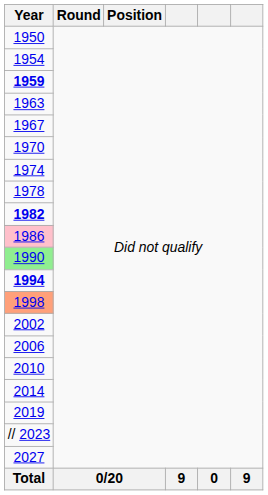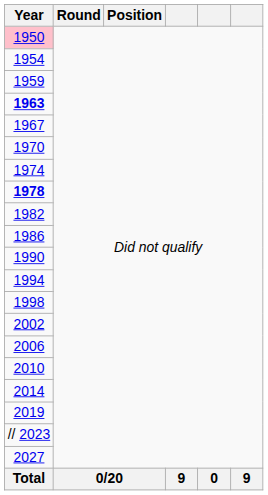 <table class="wikitable" style="text-align:center;">
 <tr>
 <th>Year</th>
 <th>Round</th>
 <th>Position</th>
 <th width=30></th>
 <th width=30></th>
 <th width=30></th>
 </tr>
 <tr>
-<td> <a href='#'>1950</a></td>
+<td style="background: pink;"> <a href='#'>1950</a></td>
 <td rowspan=20 colspan=5><em>Did not qualify</em></td>
 </tr>
 <tr>
 <td> <a href='#'>1954</a></td>
 </tr>
 <tr>
-<td><strong> <a href='#'>1959</a></strong></td>
+<td> <a href='#'>1959</a></td>
 </tr>
 <tr>
-<td> <a href='#'>1963</a></td>
+<td><strong> <a href='#'>1963</a></strong></td>
 </tr>
 <tr>
 <td> <a href='#'>1967</a></td>
 </tr>
 <tr>
 <td> <a href='#'>1970</a></td>
 </tr>
 <tr>
 <td> <a href='#'>1974</a></td>
 </tr>
 <tr>
-<td> <a href='#'>1978</a></td>
+<td><strong> <a href='#'>1978</a></strong></td>
 </tr>
 <tr>
-<td><strong> <a href='#'>1982</a></strong></td>
+<td> <a href='#'>1982</a></td>
 </tr>
 <tr>
-<td style="background: pink;"> <a href='#'>1986</a></td>
+<td> <a href='#'>1986</a></td>
 </tr>
 <tr>
-<td style="background: lightgreen;"> <a href='#'>1990</a></td>
+<td> <a href='#'>1990</a></td>
 </tr>
 <tr>
-<td><strong> <a href='#'>1994</a></strong></td>
+<td> <a href='#'>1994</a></td>
 </tr>
 <tr>
-<td style="background: lightsalmon;"> <a href='#'>1998</a></td>
+<td> <a href='#'>1998</a></td>
 </tr>
 <tr>
 <td> <a href='#'>2002</a></td>
 </tr>
 <tr>
 <td> <a href='#'>2006</a></td>
 </tr>
 <tr>
 <td> <a href='#'>2010</a></td>
 </tr>
 <tr>
 <td> <a href='#'>2014</a></td>
 </tr>
 <tr>
 <td> <a href='#'>2019</a></td>
 </tr>
 <tr>
 <td>// <a href='#'>2023</a></td>
 </tr>
 <tr>
 <td> <a href='#'>2027</a></td>
 </tr>
 <tr>
 <th>Total</th>
 <th colspan="2">0/20</th>
 <th>9</th>
 <th>0</th>
 <th>9</th>
 </tr>
 </table>
